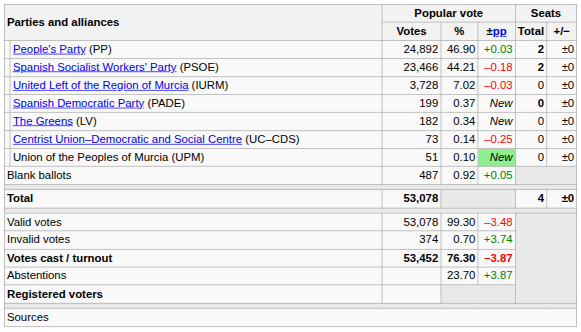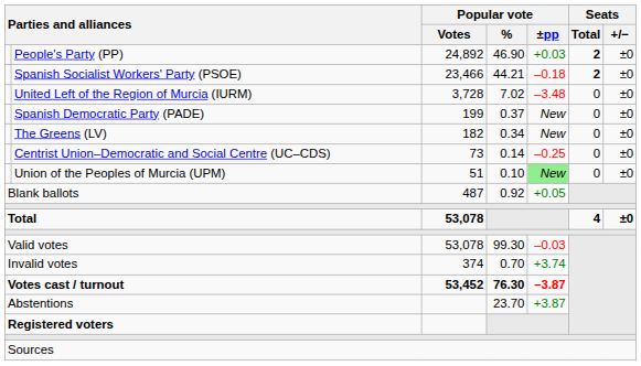 <table class="wikitable" style="text-align:right;">
 <tr>
 <th style="text-align:left;" rowspan="2" colspan="2" width="525">Parties and alliances</th>
 <th colspan="3">Popular vote</th>
 <th colspan="2">Seats</th>
 </tr>
 <tr>
 <th width="75">Votes</th>
 <th width="45">%</th>
 <th width="45">±<a href='#'>pp</a></th>
 <th width="35">Total</th>
 <th width="35">+/−</th>
 </tr>
 <tr>
 <td width="1" style="color:inherit;background:"></td>
 <td align="left"><a href='#'>People's Party</a> (PP)</td>
 <td>24,892</td>
 <td>46.90</td>
 <td style="color:green;">+0.03</td>
 <td><strong>2</strong></td>
 <td>±0</td>
 </tr>
 <tr>
 <td style="color:inherit;background:"></td>
 <td align="left"><a href='#'>Spanish Socialist Workers' Party</a> (PSOE)</td>
 <td>23,466</td>
 <td>44.21</td>
 <td style="color:red;">–0.18</td>
 <td><strong>2</strong></td>
 <td>±0</td>
 </tr>
 <tr>
 <td style="color:inherit;background:"></td>
 <td align="left"><a href='#'>United Left of the Region of Murcia</a> (IURM)</td>
 <td>3,728</td>
 <td>7.02</td>
-<td style="color:red;">–0.03</td>
+<td style="color:red;">–3.48</td>
 <td>0</td>
 <td>±0</td>
 </tr>
 <tr>
 <td style="color:inherit;background:"></td>
 <td align="left"><a href='#'>Spanish Democratic Party</a> (PADE)</td>
 <td>199</td>
 <td>0.37</td>
 <td><em>New</em></td>
-<td><strong>0</strong></td>
+<td>0</td>
 <td>±0</td>
 </tr>
 <tr>
 <td style="color:inherit;background:"></td>
 <td align="left"><a href='#'>The Greens</a> (LV)</td>
 <td>182</td>
 <td>0.34</td>
 <td><em>New</em></td>
 <td>0</td>
 <td>±0</td>
 </tr>
 <tr>
 <td style="color:inherit;background:"></td>
 <td align="left"><a href='#'>Centrist Union–Democratic and Social Centre</a> (UC–CDS)</td>
 <td>73</td>
 <td>0.14</td>
 <td style="color:red;">–0.25</td>
 <td>0</td>
 <td>±0</td>
 </tr>
 <tr>
 <td style="color:inherit;background:"></td>
 <td align="left">Union of the Peoples of Murcia (UPM)</td>
 <td>51</td>
 <td>0.10</td>
 <td style="background: lightgreen;"><em>New</em></td>
 <td>0</td>
 <td>±0</td>
 </tr>
 <tr>
 <td align="left" colspan="2">Blank ballots</td>
 <td>487</td>
 <td>0.92</td>
 <td style="color:green;">+0.05</td>
 <td bgcolor="#E9E9E9" colspan="2"></td>
 </tr>
 <tr>
 <td colspan="7" bgcolor="#E9E9E9"></td>
 </tr>
 <tr style="font-weight:bold;">
 <td align="left" colspan="2">Total</td>
 <td>53,078</td>
 <td bgcolor="#E9E9E9" colspan="2"></td>
 <td>4</td>
 <td>±0</td>
 </tr>
 <tr>
 <td colspan="7" bgcolor="#E9E9E9"></td>
 </tr>
 <tr>
 <td align="left" colspan="2">Valid votes</td>
 <td>53,078</td>
 <td>99.30</td>
-<td style="color:red;">–3.48</td>
+<td style="color:red;">–0.03</td>
 <td bgcolor="#E9E9E9" colspan="2" rowspan="5"></td>
 </tr>
 <tr>
 <td align="left" colspan="2">Invalid votes</td>
 <td>374</td>
 <td>0.70</td>
 <td style="color:green;">+3.74</td>
 </tr>
 <tr style="font-weight:bold;">
 <td align="left" colspan="2">Votes cast / turnout</td>
 <td>53,452</td>
 <td>76.30</td>
 <td style="color:red;">–3.87</td>
 </tr>
 <tr>
 <td align="left" colspan="2">Abstentions</td>
 <td></td>
 <td>23.70</td>
 <td style="color:green;">+3.87</td>
 </tr>
 <tr style="font-weight:bold;">
 <td align="left" colspan="2">Registered voters</td>
 <td></td>
 <td bgcolor="#E9E9E9" colspan="2"></td>
 </tr>
 <tr>
 <td colspan="7" bgcolor="#E9E9E9"></td>
 </tr>
 <tr>
 <td align="left" colspan="7">Sources</td>
 </tr>
 </table>
